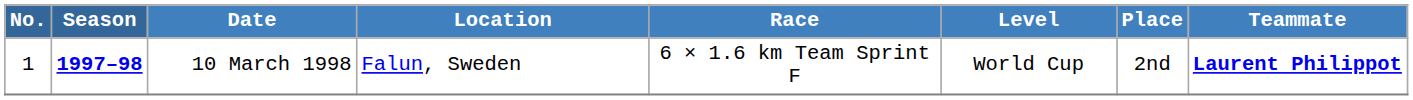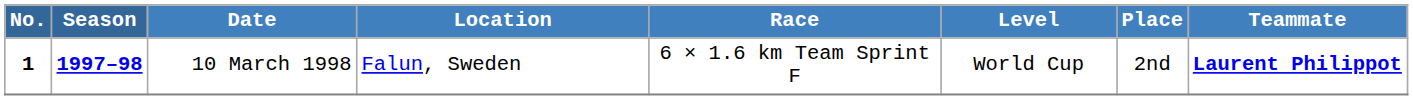 <table class="wikitable sortable" style="font-size:95%; text-align:center; border:grey solid 1px; border-collapse:collapse; background:#ffffff;">
 <tr style="background:#efefef;">
 <th style="background-color:#369; color:white;">No.</th>
 <th style="background-color:#369; color:white;">Season</th>
 <th style="background-color:#4180be; color:white; width:120px;">Date</th>
 <th style="background-color:#4180be; color:white; width:170px;">Location</th>
 <th style="background-color:#4180be; color:white; width:170px;">Race</th>
 <th style="background-color:#4180be; color:white; width:100px;">Level</th>
 <th style="background-color:#4180be; color:white;">Place</th>
 <th style="background-color:#4180be; color:white;">Teammate</th>
 </tr>
 <tr>
-<td align=center>1</td>
+<td align=center><strong>1</strong></td>
 <td rowspan=1 align=center><strong><a href='#'>1997–98</a></strong></td>
 <td align=right>10 March 1998</td>
 <td align=left> <a href='#'>Falun</a>, Sweden</td>
 <td>6 × 1.6 km Team Sprint F</td>
 <td>World Cup</td>
 <td>2nd</td>
 <td><strong><a href='#'>Laurent Philippot</a></strong></td>
 </tr>
 <tr>
 </tr>
 </table>
